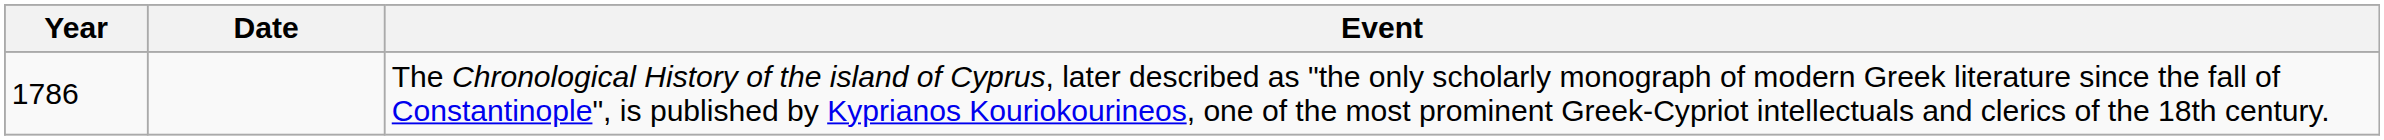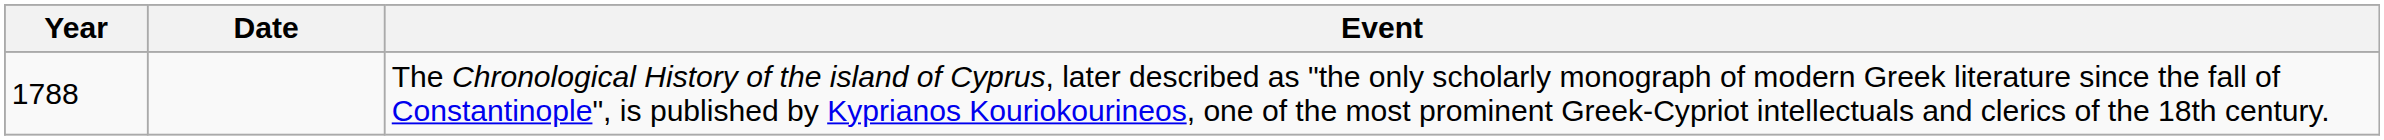 <table class="wikitable" width="100%">
 <tr>
 <th style="width:6%">Year</th>
 <th style="width:10%">Date</th>
 <th>Event</th>
 </tr>
 <tr>
-<td>1786</td>
+<td>1788</td>
 <td></td>
 <td>The <em>Chronological History of the island of Cyprus</em>, later described as "the only scholarly monograph of modern Greek literature since the fall of <a href='#'>Constantinople</a>", is published by <a href='#'>Kyprianos Kouriokourineos</a>, one of the most prominent Greek-Cypriot intellectuals and clerics of the 18th century.</td>
 </tr>
 </table>
